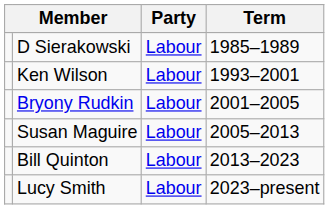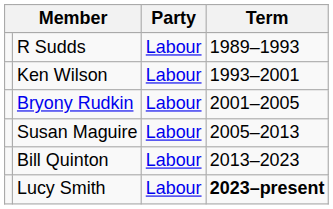 <table class="wikitable">
 <tr>
 <th colspan="2">Member</th>
 <th>Party</th>
 <th>Term</th>
 </tr>
 <tr>
 <td style="background-color: "></td>
-<td>D Sierakowski</td>
+<td>R Sudds</td>
 <td><a href='#'>Labour</a></td>
-<td>1985–1989</td>
+<td>1989–1993</td>
 </tr>
 <tr>
 <td style="background-color: "></td>
 <td>Ken Wilson</td>
 <td><a href='#'>Labour</a></td>
 <td>1993–2001</td>
 </tr>
 <tr>
 <td style="background-color: "></td>
 <td><a href='#'>Bryony Rudkin</a></td>
 <td><a href='#'>Labour</a></td>
 <td>2001–2005</td>
 </tr>
 <tr>
 <td style="background-color: "></td>
 <td>Susan Maguire</td>
 <td><a href='#'>Labour</a></td>
 <td>2005–2013</td>
 </tr>
 <tr>
 <td style="background-color: "></td>
 <td>Bill Quinton</td>
 <td><a href='#'>Labour</a></td>
 <td>2013–2023</td>
 </tr>
 <tr>
 <td style="background-color: "></td>
 <td>Lucy Smith</td>
 <td><a href='#'>Labour</a></td>
-<td>2023–present</td>
+<td><strong>2023–present</strong></td>
 </tr>
 </table>
